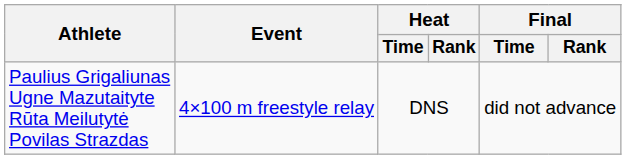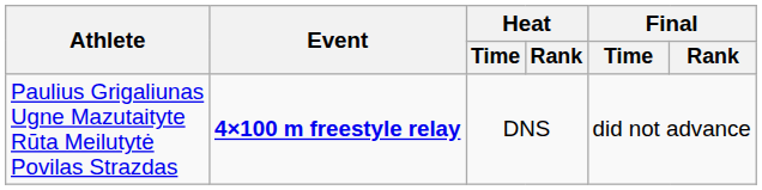 <table class=wikitable style="font-size:90%">
 <tr>
 <th rowspan=2>Athlete</th>
 <th rowspan=2>Event</th>
 <th colspan="2">Heat</th>
 <th colspan="2">Final</th>
 </tr>
 <tr style="font-size:95%">
 <th>Time</th>
 <th>Rank</th>
 <th>Time</th>
 <th>Rank</th>
 </tr>
 <tr align=center>
 <td align=left><a href='#'>Paulius Grigaliunas</a><br><a href='#'>Ugne Mazutaityte</a><br><a href='#'>Rūta Meilutytė</a><br><a href='#'>Povilas Strazdas</a></td>
-<td align=left><a href='#'>4×100 m freestyle relay</a></td>
+<td align=left><strong><a href='#'>4×100 m freestyle relay</a></strong></td>
 <td colspan=2>DNS</td>
 <td colspan=2>did not advance</td>
 </tr>
 </table>
